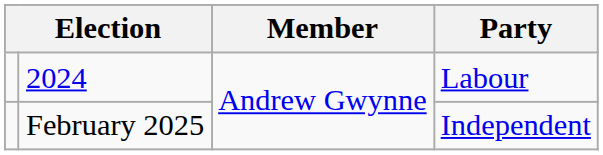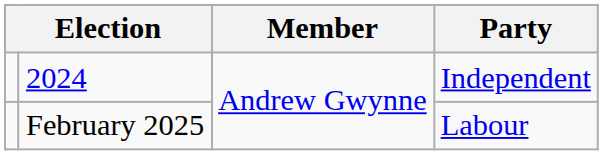 <table class="wikitable">
 <tr>
 <th colspan="2">Election</th>
 <th>Member</th>
 <th>Party</th>
 </tr>
 <tr>
 <td style="color:inherit;background-color: "></td>
 <td><a href='#'>2024</a></td>
 <td rowspan=2><a href='#'>Andrew Gwynne</a></td>
-<td><a href='#'>Labour</a></td>
+<td><a href='#'>Independent</a></td>
 </tr>
 <tr>
 <td style="background-color: "></td>
 <td>February 2025</td>
-<td><a href='#'>Independent</a></td>
+<td><a href='#'>Labour</a></td>
 </tr>
 </table>
